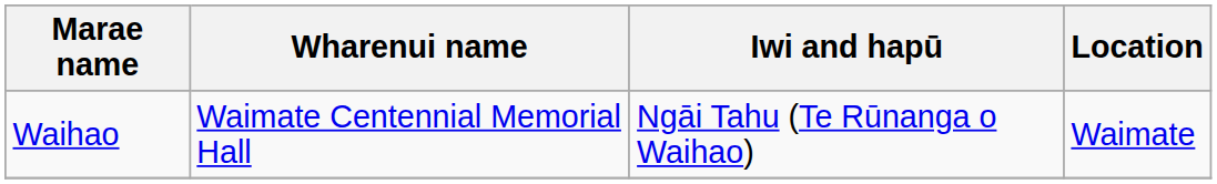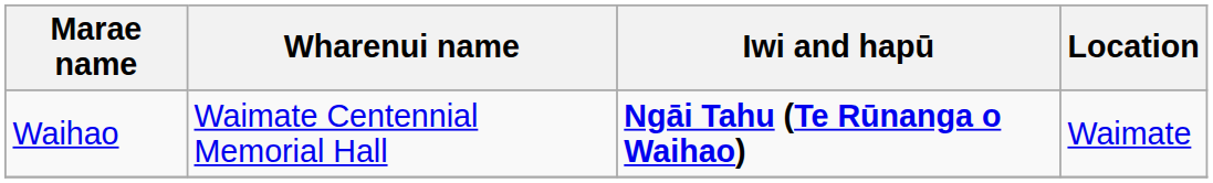 <table class="wikitable sortable">
 <tr>
 <th>Marae name</th>
 <th>Wharenui name</th>
 <th>Iwi and hapū</th>
 <th>Location</th>
 </tr>
 <tr>
 <td><a href='#'>Waihao</a></td>
 <td><a href='#'>Waimate Centennial Memorial Hall</a></td>
-<td><a href='#'>Ngāi Tahu</a> (<a href='#'>Te Rūnanga o Waihao</a>)</td>
+<td><strong><a href='#'>Ngāi Tahu</a> (<a href='#'>Te Rūnanga o Waihao</a>)</strong></td>
 <td><a href='#'>Waimate</a></td>
 </tr>
 <tr>
 </tr>
 </table>
